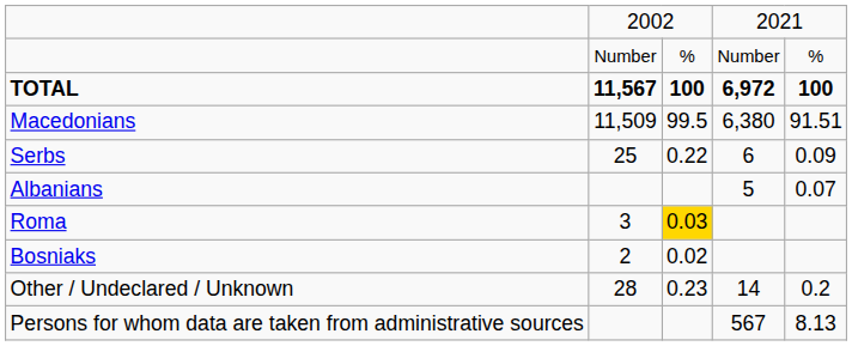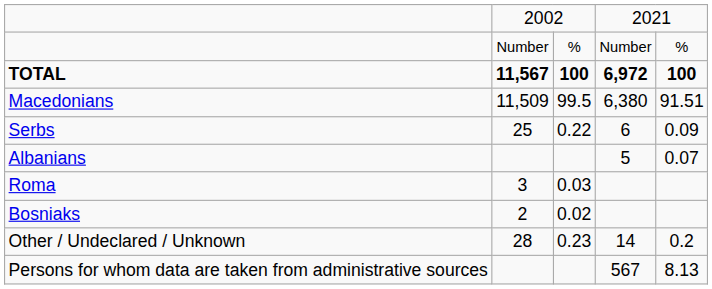 <table class="wikitable">
 <tr>
 <td></td>
 <td colspan="2" align="center">2002</td>
 <td colspan="2" align="center">2021</td>
 </tr>
 <tr>
 <td></td>
 <td align="center"><small>Number</small></td>
 <td align="center"><small>%</small></td>
 <td align="center"><small>Number</small></td>
 <td align="center"><small>%</small></td>
 </tr>
 <tr>
 <td><strong>TOTAL</strong></td>
 <td align="center"><strong>11,567</strong></td>
 <td align="center"><strong>100</strong></td>
 <td align="center"><strong>6,972</strong></td>
 <td align="center"><strong>100</strong></td>
 </tr>
 <tr>
 <td><a href='#'>Macedonians</a></td>
 <td align="center">11,509</td>
 <td align="center">99.5</td>
 <td align="center">6,380</td>
 <td align="center">91.51</td>
 </tr>
 <tr>
 <td><a href='#'>Serbs</a></td>
 <td align="center">25</td>
 <td align="center">0.22</td>
 <td align="center">6</td>
 <td align="center">0.09</td>
 </tr>
 <tr>
 <td><a href='#'>Albanians</a></td>
 <td></td>
 <td></td>
 <td align="center">5</td>
 <td align="center">0.07</td>
 </tr>
 <tr>
 <td><a href='#'>Roma</a></td>
 <td align="center">3</td>
-<td align="center" style="background: gold;">0.03</td>
+<td align="center">0.03</td>
 <td></td>
 <td></td>
 </tr>
 <tr>
 <td><a href='#'>Bosniaks</a></td>
 <td align="center">2</td>
 <td align="center">0.02</td>
 <td></td>
 <td></td>
 </tr>
 <tr>
 <td>Other / Undeclared / Unknown</td>
 <td align="center">28</td>
 <td align="center">0.23</td>
 <td align="center">14</td>
 <td align="center">0.2</td>
 </tr>
 <tr>
 <td>Persons for whom data are taken from administrative sources</td>
 <td></td>
 <td></td>
 <td align="center">567</td>
 <td align="center">8.13</td>
 </tr>
 </table>
